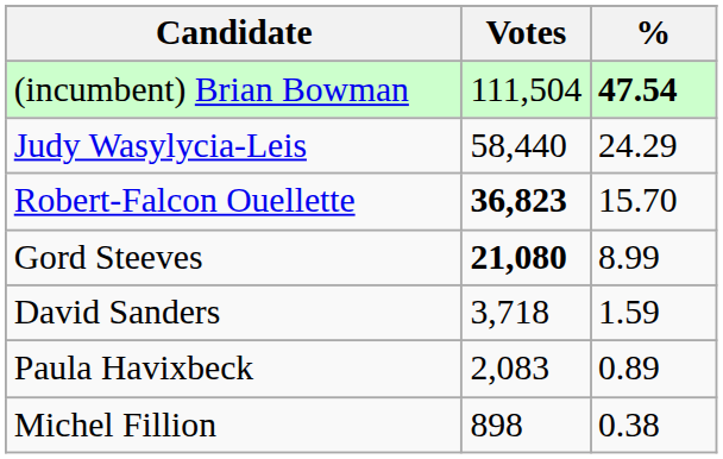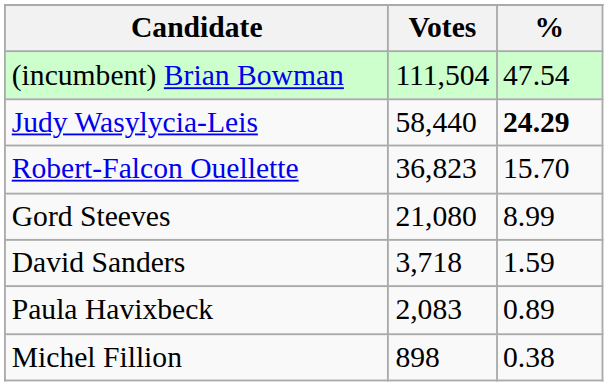 <table class="wikitable sortable">
 <tr>
 </tr>
 <tr>
 <th bgcolor="#DDDDFF" width="200px">Candidate</th>
 <th bgcolor="#DDDDFF" width="50px">Votes</th>
 <th bgcolor="#DDDDFF" width="50px">%</th>
 </tr>
 <tr style="text-align:left; background:#cfc;">
 <td>(incumbent) <a href='#'>Brian Bowman</a></td>
 <td>111,504</td>
-<td><strong>47.54</strong></td>
+<td>47.54</td>
 </tr>
 <tr>
 <td><a href='#'>Judy Wasylycia-Leis</a></td>
 <td>58,440</td>
-<td>24.29</td>
+<td><strong>24.29</strong></td>
 </tr>
 <tr>
 <td><a href='#'>Robert-Falcon Ouellette</a></td>
-<td><strong>36,823</strong></td>
+<td>36,823</td>
 <td>15.70</td>
 </tr>
 <tr>
 <td>Gord Steeves</td>
-<td><strong>21,080</strong></td>
+<td>21,080</td>
 <td>8.99</td>
 </tr>
 <tr>
 <td>David Sanders</td>
 <td>3,718</td>
 <td>1.59</td>
 </tr>
 <tr>
 <td>Paula Havixbeck</td>
 <td>2,083</td>
 <td>0.89</td>
 </tr>
 <tr>
 <td>Michel Fillion</td>
 <td>898</td>
 <td>0.38</td>
 </tr>
 </table>
